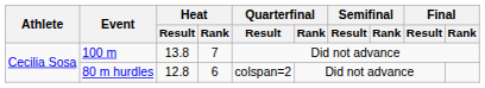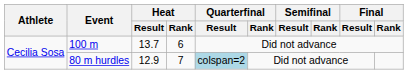 <table class="wikitable" style="font-size:90%; text-align: center">
 <tr>
 <th rowspan="2">Athlete</th>
 <th rowspan="2">Event</th>
 <th colspan="2">Heat</th>
 <th colspan="2">Quarterfinal</th>
 <th colspan="2">Semifinal</th>
 <th colspan="2">Final</th>
 </tr>
 <tr style="font-size:95%">
 <th>Result</th>
 <th>Rank</th>
 <th>Result</th>
 <th>Rank</th>
 <th>Result</th>
 <th>Rank</th>
 <th>Result</th>
 <th>Rank</th>
 </tr>
 <tr align=center>
 <td align=left rowspan=2><a href='#'>Cecilia Sosa</a></td>
 <td align=left><a href='#'>100 m</a></td>
-<td>13.8</td>
-<td>7</td>
+<td>13.7</td>
+<td>6</td>
 <td colspan=6>Did not advance</td>
 </tr>
 <tr align=center>
 <td align=left><a href='#'>80 m hurdles</a></td>
-<td>12.8</td>
-<td>6</td>
-<td>colspan=2 </td>
+<td>12.9</td>
+<td>7</td>
+<td style="background: lightblue;">colspan=2 </td>
 <td colspan=4>Did not advance</td>
 </tr>
 </table>
